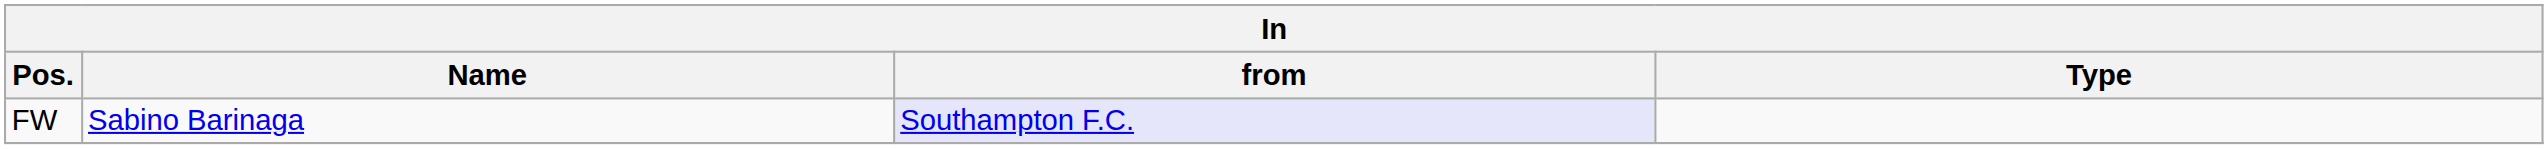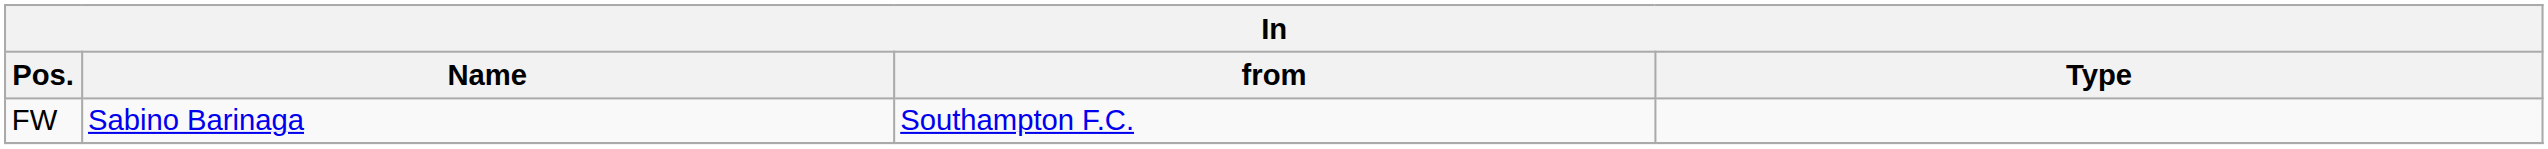 <table class="wikitable" style="font-size:90%;width:99%;">
 <tr>
 <th colspan="4">In</th>
 </tr>
 <tr>
 <th width=3%>Pos.</th>
 <th width=32%>Name</th>
 <th width=30%>from</th>
 <th width=35%>Type</th>
 </tr>
 <tr>
 <td>FW</td>
 <td><a href='#'>Sabino Barinaga</a></td>
-<td style="background: lavender;"><a href='#'>Southampton F.C.</a></td>
+<td><a href='#'>Southampton F.C.</a></td>
 <td></td>
 </tr>
 <tr>
 </tr>
 </table>
